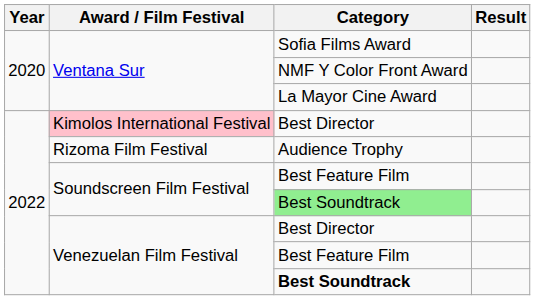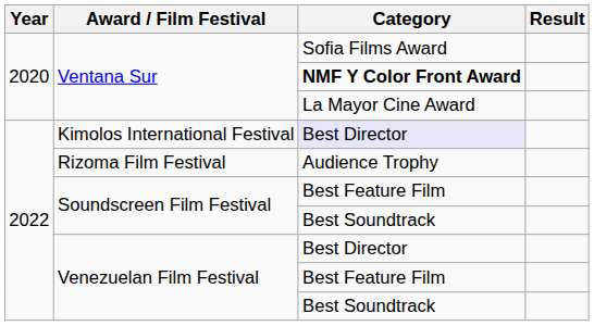 <table class="wikitable plainrowheaders sortable">
 <tr>
 <th>Year</th>
 <th scope="col">Award / Film Festival</th>
 <th scope="col">Category</th>
 <th>Result</th>
 </tr>
 <tr>
 <td rowspan="3">2020</td>
 <td rowspan="3"><a href='#'>Ventana Sur</a></td>
 <td>Sofia Films Award</td>
 <td></td>
 </tr>
 <tr>
-<td>NMF Y Color Front Award</td>
+<td><strong>NMF Y Color Front Award</strong></td>
 <td></td>
 </tr>
 <tr>
 <td>La Mayor Cine Award</td>
 <td></td>
 </tr>
 <tr>
 <td rowspan="7">2022</td>
-<td style="background: pink;">Kimolos International Festival</td>
-<td>Best Director</td>
+<td>Kimolos International Festival</td>
+<td style="background: lavender;">Best Director</td>
 <td></td>
 </tr>
 <tr>
 <td>Rizoma Film Festival</td>
 <td>Audience Trophy</td>
 <td></td>
 </tr>
 <tr>
 <td rowspan="2">Soundscreen Film Festival</td>
 <td>Best Feature Film</td>
 <td></td>
 </tr>
 <tr>
-<td style="background: lightgreen;">Best Soundtrack</td>
+<td>Best Soundtrack</td>
 <td></td>
 </tr>
 <tr>
 <td rowspan="3">Venezuelan Film Festival</td>
 <td>Best Director</td>
 <td></td>
 </tr>
 <tr>
 <td>Best Feature Film</td>
 <td></td>
 </tr>
 <tr>
-<td><strong>Best Soundtrack</strong></td>
+<td>Best Soundtrack</td>
 <td></td>
 </tr>
 </table>
